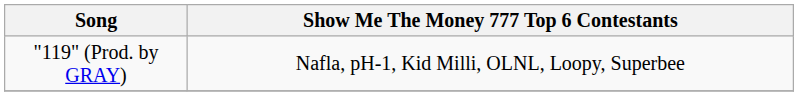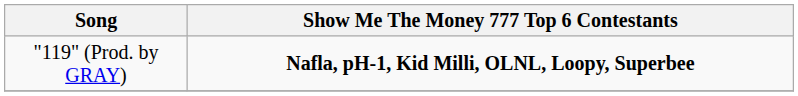 <table class="wikitable" style="text-align: center; width:50%;">
 <tr>
 <th style="width:5%;">Song</th>
 <th style="width:20%;">Show Me The Money 777 Top 6 Contestants</th>
 </tr>
 <tr>
 <td>"119" (Prod. by <a href='#'>GRAY</a>)</td>
-<td>Nafla, pH-1, Kid Milli, OLNL, Loopy, Superbee</td>
+<td><strong>Nafla, pH-1, Kid Milli, OLNL, Loopy, Superbee</strong></td>
 </tr>
 <tr>
 </tr>
 </table>
